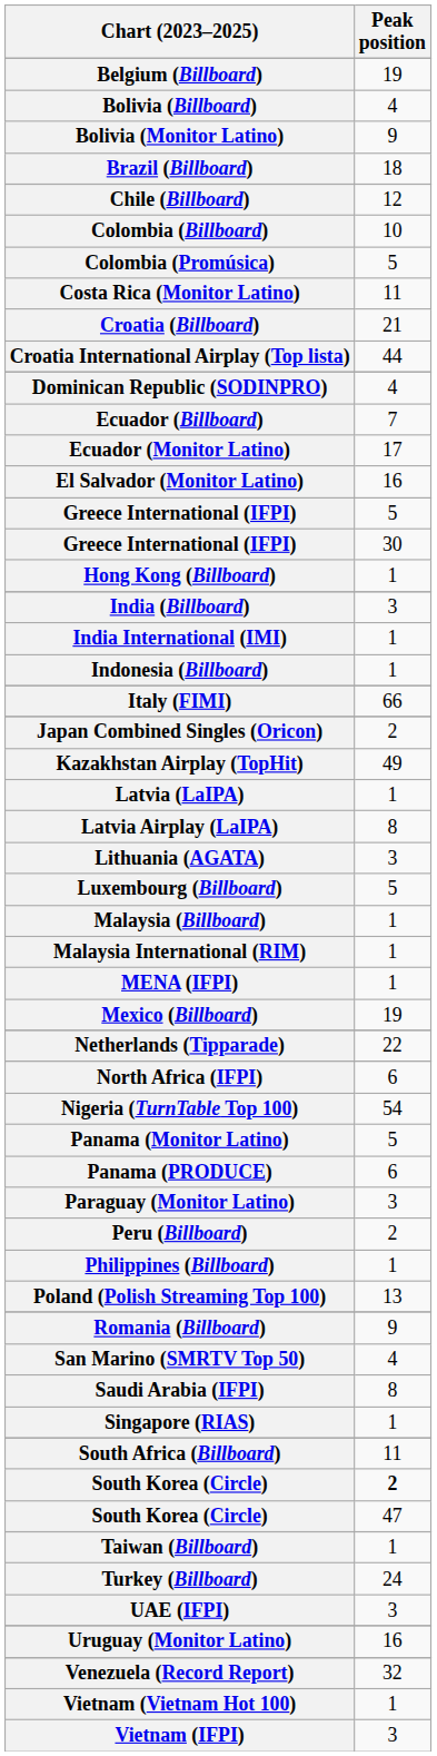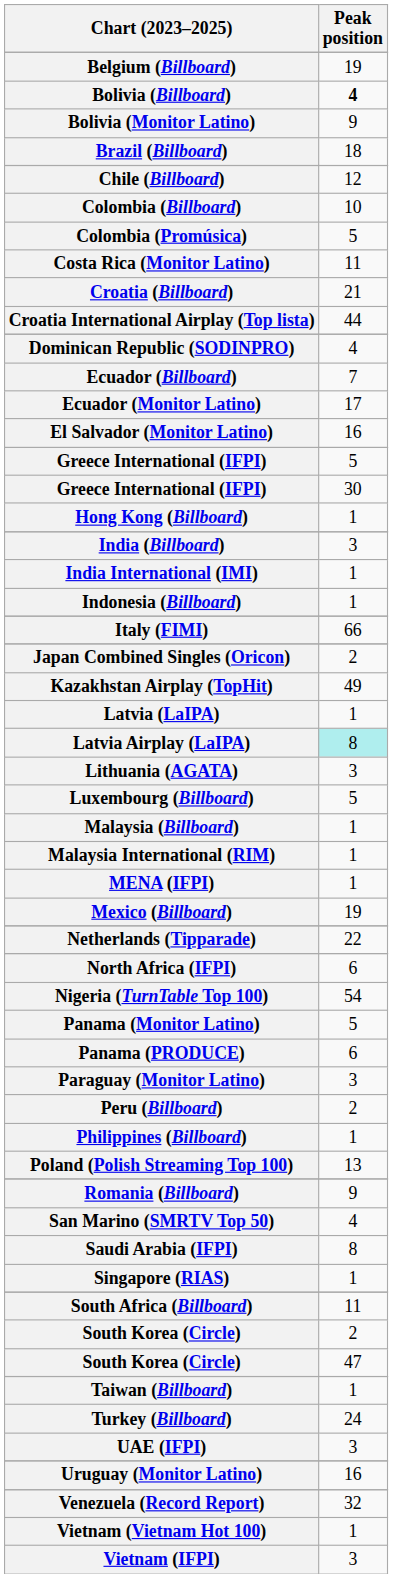 <table class="wikitable sortable plainrowheaders" style="text-align:center">
 <tr>
 <th scope="col">Chart (2023–2025)</th>
 <th scope="col">Peak<br>position</th>
 </tr>
 <tr>
 </tr>
 <tr>
 </tr>
 <tr>
 </tr>
 <tr>
 <th scope="row">Belgium (<em><a href='#'>Billboard</a></em>)</th>
 <td>19</td>
 </tr>
 <tr>
 <th scope="row">Bolivia (<em><a href='#'>Billboard</a></em>)</th>
-<td>4</td>
+<td><strong>4</strong></td>
 </tr>
 <tr>
 <th scope="row">Bolivia (<a href='#'>Monitor Latino</a>)</th>
 <td>9</td>
 </tr>
 <tr>
 <th scope="row"><a href='#'>Brazil</a> (<em><a href='#'>Billboard</a></em>)</th>
 <td>18</td>
 </tr>
 <tr>
 </tr>
 <tr>
 </tr>
 <tr>
 </tr>
 <tr>
 <th scope="row">Chile (<em><a href='#'>Billboard</a></em>)</th>
 <td>12</td>
 </tr>
 <tr>
 <th scope="row">Colombia (<em><a href='#'>Billboard</a></em>)</th>
 <td>10</td>
 </tr>
 <tr>
 <th scope="row">Colombia (<a href='#'>Promúsica</a>)</th>
 <td>5</td>
 </tr>
 <tr>
 <th scope="row">Costa Rica (<a href='#'>Monitor Latino</a>)</th>
 <td>11</td>
 </tr>
 <tr>
 <th scope="row"><a href='#'>Croatia</a> (<em><a href='#'>Billboard</a></em>)</th>
 <td>21</td>
 </tr>
 <tr>
 <th scope="row">Croatia International Airplay (<a href='#'>Top lista</a>)</th>
 <td>44</td>
 </tr>
 <tr>
 </tr>
 <tr>
 </tr>
 <tr>
 <th scope="row">Dominican Republic (<a href='#'>SODINPRO</a>)</th>
 <td>4</td>
 </tr>
 <tr>
 <th scope="row">Ecuador (<em><a href='#'>Billboard</a></em>)</th>
 <td>7</td>
 </tr>
 <tr>
 <th scope="row">Ecuador (<a href='#'>Monitor Latino</a>)</th>
 <td>17</td>
 </tr>
 <tr>
 <th scope="row">El Salvador (<a href='#'>Monitor Latino</a>)</th>
 <td>16</td>
 </tr>
 <tr>
 </tr>
 <tr>
 </tr>
 <tr>
 </tr>
 <tr>
 <th scope="row">Greece International (<a href='#'>IFPI</a>)<br></th>
 <td>5</td>
 </tr>
 <tr>
 <th scope="row">Greece International (<a href='#'>IFPI</a>)<br></th>
 <td>30</td>
 </tr>
 <tr>
 <th scope="row"><a href='#'>Hong Kong</a> (<em><a href='#'>Billboard</a></em>)</th>
 <td>1</td>
 </tr>
 <tr>
 </tr>
 <tr>
 <th scope="row"><a href='#'>India</a> (<em><a href='#'>Billboard</a></em>)</th>
 <td>3</td>
 </tr>
 <tr>
 <th scope="row"><a href='#'>India International</a> (<a href='#'>IMI</a>)</th>
 <td>1</td>
 </tr>
 <tr>
 <th scope="row">Indonesia (<em><a href='#'>Billboard</a></em>)</th>
 <td>1</td>
 </tr>
 <tr>
 </tr>
 <tr>
 <th scope="row">Italy (<a href='#'>FIMI</a>)</th>
 <td>66</td>
 </tr>
 <tr>
 </tr>
 <tr>
 <th scope="row">Japan Combined Singles (<a href='#'>Oricon</a>)</th>
 <td>2</td>
 </tr>
 <tr>
 <th scope="row">Kazakhstan Airplay (<a href='#'>TopHit</a>)</th>
 <td>49</td>
 </tr>
 <tr>
 <th scope="row">Latvia (<a href='#'>LaIPA</a>)</th>
 <td>1</td>
 </tr>
 <tr>
 <th scope="row">Latvia Airplay (<a href='#'>LaIPA</a>)</th>
-<td>8</td>
+<td style="background: paleturquoise;">8</td>
 </tr>
 <tr>
 <th scope="row">Lithuania (<a href='#'>AGATA</a>)</th>
 <td>3</td>
 </tr>
 <tr>
 <th scope="row">Luxembourg (<em><a href='#'>Billboard</a></em>)</th>
 <td>5</td>
 </tr>
 <tr>
 <th scope="row">Malaysia (<em><a href='#'>Billboard</a></em>)</th>
 <td>1</td>
 </tr>
 <tr>
 <th scope="row">Malaysia International (<a href='#'>RIM</a>)</th>
 <td>1</td>
 </tr>
 <tr>
 <th scope="row"><a href='#'>MENA</a> (<a href='#'>IFPI</a>)</th>
 <td>1</td>
 </tr>
 <tr>
 <th scope="row"><a href='#'>Mexico</a> (<em><a href='#'>Billboard</a></em>)</th>
 <td>19</td>
 </tr>
 <tr>
 </tr>
 <tr>
 <th scope="row">Netherlands (<a href='#'>Tipparade</a>)</th>
 <td>22</td>
 </tr>
 <tr>
 </tr>
 <tr>
 <th scope="row">North Africa (<a href='#'>IFPI</a>)</th>
 <td>6</td>
 </tr>
 <tr>
 <th scope="row">Nigeria (<a href='#'><em>TurnTable</em> Top 100</a>)</th>
 <td>54</td>
 </tr>
 <tr>
 <th scope="row">Panama (<a href='#'>Monitor Latino</a>)</th>
 <td>5</td>
 </tr>
 <tr>
 <th scope="row">Panama (<a href='#'>PRODUCE</a>)</th>
 <td>6</td>
 </tr>
 <tr>
 <th scope="row">Paraguay (<a href='#'>Monitor Latino</a>)</th>
 <td>3</td>
 </tr>
 <tr>
 <th scope="row">Peru (<em><a href='#'>Billboard</a></em>)</th>
 <td>2</td>
 </tr>
 <tr>
 <th scope="row"><a href='#'>Philippines</a> (<em><a href='#'>Billboard</a></em>)</th>
 <td>1</td>
 </tr>
 <tr>
 <th scope="row">Poland (<a href='#'>Polish Streaming Top 100</a>)</th>
 <td>13</td>
 </tr>
 <tr>
 </tr>
 <tr>
 <th scope="row"><a href='#'>Romania</a> (<em><a href='#'>Billboard</a></em>)</th>
 <td>9</td>
 </tr>
 <tr>
 <th scope="row">San Marino (<a href='#'>SMRTV Top 50</a>)</th>
 <td>4</td>
 </tr>
 <tr>
 <th scope="row">Saudi Arabia (<a href='#'>IFPI</a>)</th>
 <td>8</td>
 </tr>
 <tr>
 <th scope="row">Singapore (<a href='#'>RIAS</a>)</th>
 <td>1</td>
 </tr>
 <tr>
 </tr>
 <tr>
 <th scope="row">South Africa (<em><a href='#'>Billboard</a></em>)</th>
 <td>11</td>
 </tr>
 <tr>
 <th scope="row">South Korea (<a href='#'>Circle</a>)<br></th>
-<td><strong>2</strong></td>
+<td>2</td>
 </tr>
 <tr>
 <th scope="row">South Korea (<a href='#'>Circle</a>)<br></th>
 <td>47</td>
 </tr>
 <tr>
 </tr>
 <tr>
 </tr>
 <tr>
 </tr>
 <tr>
 <th scope="row">Taiwan (<em><a href='#'>Billboard</a></em>)</th>
 <td>1</td>
 </tr>
 <tr>
 <th scope="row">Turkey (<em><a href='#'>Billboard</a></em>)</th>
 <td>24</td>
 </tr>
 <tr>
 <th scope="row">UAE (<a href='#'>IFPI</a>)</th>
 <td>3</td>
 </tr>
 <tr>
 </tr>
 <tr>
 <th scope="row">Uruguay (<a href='#'>Monitor Latino</a>)</th>
 <td>16</td>
 </tr>
 <tr>
 </tr>
 <tr>
 </tr>
 <tr>
 </tr>
 <tr>
 </tr>
 <tr>
 <th scope="row">Venezuela (<a href='#'>Record Report</a>)</th>
 <td>32</td>
 </tr>
 <tr>
 <th scope="row">Vietnam (<a href='#'>Vietnam Hot 100</a>)</th>
 <td>1</td>
 </tr>
 <tr>
 <th scope="row"><a href='#'>Vietnam</a> (<a href='#'>IFPI</a>)</th>
 <td>3</td>
 </tr>
 </table>
